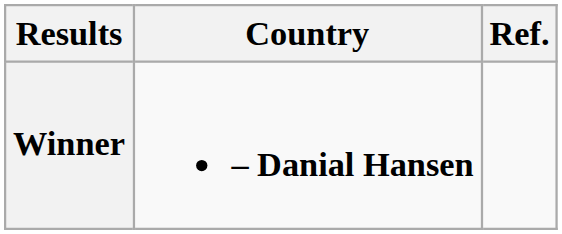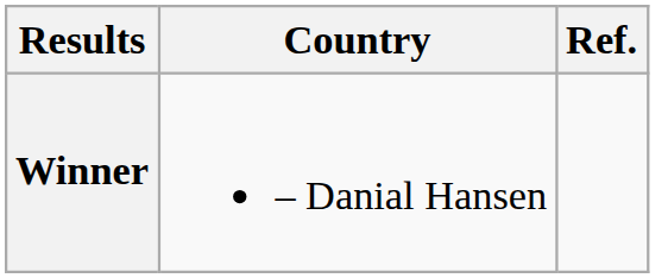 <table class="wikitable" style="font-size: 95%;">
 <tr>
 <th colspan="2">Results</th>
 <th>Country</th>
 <th>Ref.</th>
 </tr>
 <tr>
 <th rowspan="1"colspan="2">Winner</th>
-<td><strong><br><ul><li> – Danial Hansen</li></ul></strong></td>
+<td><br><ul><li> – Danial Hansen</li></ul></td>
 <td></td>
 </tr>
 </table>
